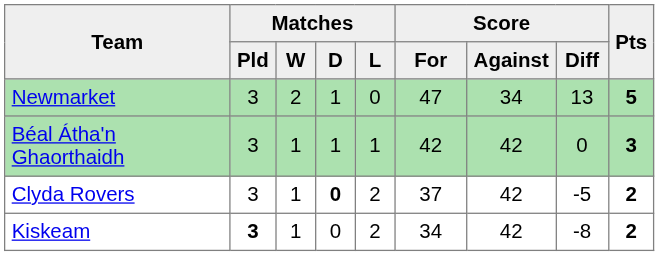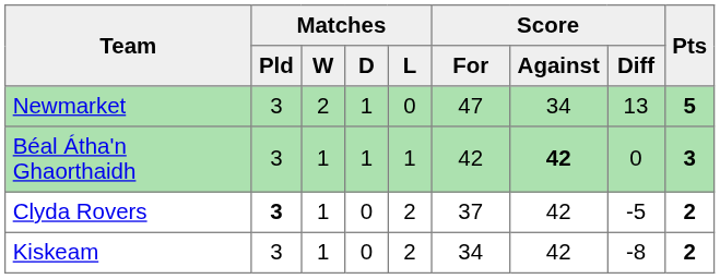 <table style=border-collapse:collapse border=1 cellspacing=0 cellpadding=5>
 <tr align=center bgcolor=#efefef>
 <th rowspan=2 width=165>Team</th>
 <th colspan=4>Matches</th>
 <th colspan=3>Score</th>
 <th rowspan=2width=20>Pts</th>
 </tr>
 <tr align=center bgcolor=#efefef>
 <th width=20>Pld</th>
 <th width=20>W</th>
 <th width=20>D</th>
 <th width=20>L</th>
 <th width=45>For</th>
 <th width=45>Against</th>
 <th width=30>Diff</th>
 </tr>
 <tr align=center style="background:#ACE1AF;">
 <td style="text-align:left;"><a href='#'>Newmarket</a></td>
 <td>3</td>
 <td>2</td>
 <td>1</td>
 <td>0</td>
 <td>47</td>
 <td>34</td>
 <td>13</td>
 <td><strong>5</strong></td>
 </tr>
 <tr align=center style="background:#ACE1AF;">
 <td style="text-align:left;"><a href='#'>Béal Átha'n Ghaorthaidh</a></td>
 <td>3</td>
 <td>1</td>
 <td>1</td>
 <td>1</td>
 <td>42</td>
-<td>42</td>
+<td><strong>42</strong></td>
 <td>0</td>
 <td><strong>3</strong></td>
 </tr>
 <tr align=center>
 <td style="text-align:left;"><a href='#'>Clyda Rovers</a></td>
-<td>3</td>
+<td><strong>3</strong></td>
 <td>1</td>
-<td><strong>0</strong></td>
+<td>0</td>
 <td>2</td>
 <td>37</td>
 <td>42</td>
 <td>-5</td>
 <td><strong>2</strong></td>
 </tr>
 <tr align=center>
 <td style="text-align:left;"><a href='#'>Kiskeam</a></td>
-<td><strong>3</strong></td>
+<td>3</td>
 <td>1</td>
 <td>0</td>
 <td>2</td>
 <td>34</td>
 <td>42</td>
 <td>-8</td>
 <td><strong>2</strong></td>
 </tr>
 </table>
